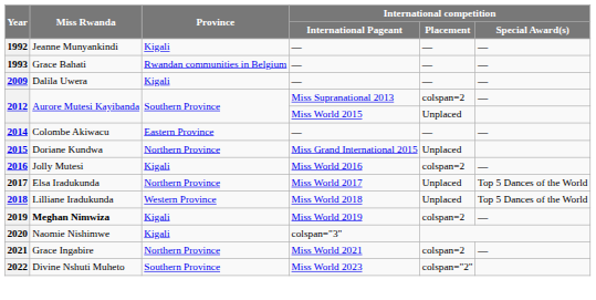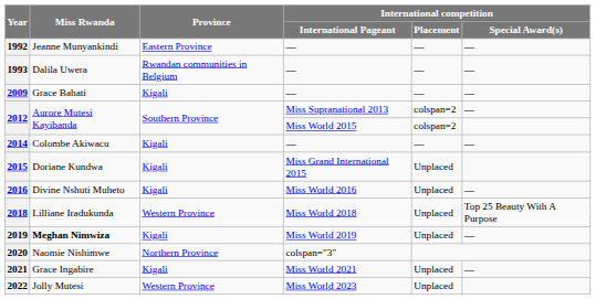 <table class="wikitable defaultcenter" style="font-size: 95%;">
 <tr>
 <th rowspan="2" style="background-color:#787878;color:#FFFFFF;">Year</th>
 <th rowspan="2" style="background-color:#787878;color:#FFFFFF;">Miss Rwanda</th>
 <th rowspan="2" style="background-color:#787878;color:#FFFFFF;">Province</th>
 <th colspan="3" style="background-color:#787878;color:#FFFFFF;">International competition</th>
 </tr>
 <tr>
 <th style="background-color:#787878;color:#FFFFFF;">International Pageant</th>
 <th style="background-color:#787878;color:#FFFFFF;">Placement</th>
 <th style="background-color:#787878;color:#FFFFFF;">Special Award(s)</th>
 </tr>
 <tr>
 <th>1992</th>
 <td>Jeanne Munyankindi</td>
-<td><a href='#'>Kigali</a></td>
+<td><a href='#'>Eastern Province</a></td>
 <td>―</td>
 <td>―</td>
 <td>―</td>
 </tr>
 <tr>
 <th>1993</th>
-<td>Grace Bahati</td>
+<td>Dalila Uwera</td>
 <td><a href='#'>Rwandan communities in Belgium</a></td>
 <td>―</td>
 <td>―</td>
 <td>―</td>
 </tr>
 <tr>
 <th><a href='#'>2009</a></th>
-<td>Dalila Uwera</td>
+<td>Grace Bahati</td>
 <td><a href='#'>Kigali</a></td>
 <td>―</td>
 <td>―</td>
 <td>―</td>
 </tr>
 <tr>
 <th rowspan=2><a href='#'>2012</a></th>
 <td rowspan=2><a href='#'>Aurore Mutesi Kayibanda</a></td>
 <td rowspan=2><a href='#'>Southern Province</a></td>
 <td><a href='#'>Miss Supranational 2013</a></td>
 <td>colspan=2 </td>
 <td>―</td>
 </tr>
 <tr>
 <td><a href='#'>Miss World 2015</a></td>
-<td>Unplaced</td>
+<td>colspan=2 </td>
 </tr>
 <tr>
 <th><a href='#'>2014</a></th>
 <td>Colombe Akiwacu</td>
-<td><a href='#'>Eastern Province</a></td>
+<td><a href='#'>Kigali</a></td>
 <td>―</td>
 <td>―</td>
 <td>―</td>
 </tr>
 <tr>
 <th><a href='#'>2015</a></th>
 <td>Doriane Kundwa</td>
-<td><a href='#'>Northern Province</a></td>
+<td><a href='#'>Kigali</a></td>
 <td><a href='#'>Miss Grand International 2015</a></td>
 <td>Unplaced</td>
 </tr>
 <tr>
 <th><a href='#'>2016</a></th>
-<td>Jolly Mutesi</td>
+<td>Divine Nshuti Muheto</td>
 <td><a href='#'>Kigali</a></td>
 <td><a href='#'>Miss World 2016</a></td>
-<td>colspan=2 </td>
+<td>Unplaced</td>
 <td>―</td>
-</tr>
-<tr>
-<th>2017</th>
-<td>Elsa Iradukunda</td>
-<td><a href='#'>Northern Province</a></td>
-<td><a href='#'>Miss World 2017</a></td>
-<td>Unplaced</td>
-<td>Top 5 Dances of the World</td>
 </tr>
 <tr>
 <th><a href='#'>2018</a></th>
 <td>Lilliane Iradukunda</td>
 <td><a href='#'>Western Province</a></td>
 <td><a href='#'>Miss World 2018</a></td>
 <td>Unplaced</td>
-<td>Top 5 Dances of the World</td>
+<td>Top 25 Beauty With A Purpose</td>
 </tr>
 <tr>
 <th>2019</th>
 <td><strong>Meghan Nimwiza</strong></td>
 <td><a href='#'>Kigali</a></td>
 <td><a href='#'>Miss World 2019</a></td>
-<td>colspan=2 </td>
+<td>Unplaced</td>
 <td>―</td>
 </tr>
 <tr>
 <th>2020</th>
 <td>Naomie Nishimwe</td>
-<td><a href='#'>Kigali</a></td>
+<td><a href='#'>Northern Province</a></td>
 <td>colspan="3" </td>
 </tr>
 <tr>
 <th>2021</th>
 <td>Grace Ingabire</td>
-<td><a href='#'>Northern Province</a></td>
+<td><a href='#'>Kigali</a></td>
 <td><a href='#'>Miss World 2021</a></td>
-<td>colspan=2 </td>
+<td>Unplaced</td>
 <td>―</td>
 </tr>
 <tr>
 <th>2022</th>
-<td>Divine Nshuti Muheto</td>
-<td><a href='#'>Southern Province</a></td>
+<td>Jolly Mutesi</td>
+<td><a href='#'>Western Province</a></td>
 <td><a href='#'>Miss World 2023</a></td>
-<td>colspan="2" </td>
+<td>Unplaced</td>
 </tr>
 </table>
